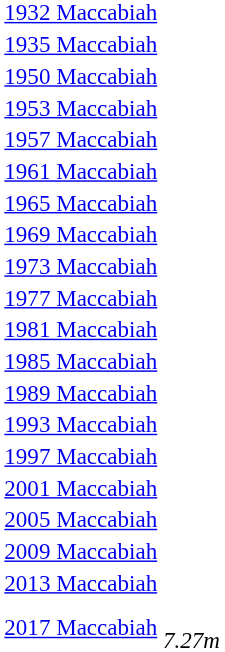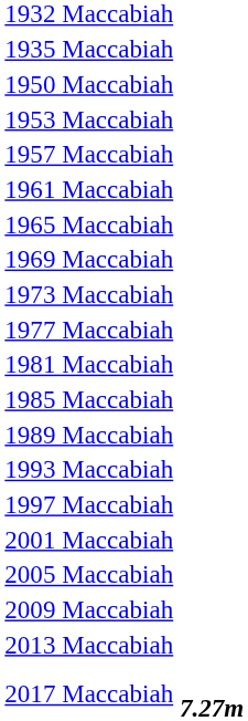 <table>
 <tr valign="top">
 <td><a href='#'>1932 Maccabiah</a></td>
 <td></td>
 <td></td>
 <td></td>
 </tr>
 <tr>
 <td><a href='#'>1935 Maccabiah</a></td>
 <td></td>
 <td></td>
 <td></td>
 </tr>
 <tr>
 <td><a href='#'>1950 Maccabiah</a></td>
 <td></td>
 <td></td>
 <td></td>
 </tr>
 <tr>
 <td><a href='#'>1953 Maccabiah</a></td>
 <td></td>
 <td></td>
 <td></td>
 </tr>
 <tr>
 <td><a href='#'>1957 Maccabiah</a></td>
 <td></td>
 <td></td>
 <td></td>
 </tr>
 <tr>
 <td><a href='#'>1961 Maccabiah</a></td>
 <td></td>
 <td></td>
 <td></td>
 </tr>
 <tr>
 <td><a href='#'>1965 Maccabiah</a></td>
 <td></td>
 <td></td>
 <td></td>
 </tr>
 <tr>
 <td><a href='#'>1969 Maccabiah</a></td>
 <td></td>
 <td></td>
 <td></td>
 </tr>
 <tr>
 <td><a href='#'>1973 Maccabiah</a></td>
 <td></td>
 <td></td>
 <td></td>
 </tr>
 <tr>
 <td><a href='#'>1977 Maccabiah</a></td>
 <td></td>
 <td></td>
 <td></td>
 </tr>
 <tr>
 <td><a href='#'>1981 Maccabiah</a></td>
 <td></td>
 <td></td>
 <td></td>
 </tr>
 <tr>
 <td><a href='#'>1985 Maccabiah</a></td>
 <td></td>
 <td></td>
 <td></td>
 </tr>
 <tr>
 <td><a href='#'>1989 Maccabiah</a></td>
 <td></td>
 <td></td>
 <td></td>
 </tr>
 <tr>
 <td><a href='#'>1993 Maccabiah</a></td>
 <td></td>
 <td></td>
 <td></td>
 </tr>
 <tr>
 <td><a href='#'>1997 Maccabiah</a></td>
 <td></td>
 <td></td>
 <td></td>
 </tr>
 <tr>
 <td><a href='#'>2001 Maccabiah</a></td>
 <td></td>
 <td></td>
 <td></td>
 </tr>
 <tr>
 <td><a href='#'>2005 Maccabiah</a></td>
 <td></td>
 <td></td>
 <td></td>
 </tr>
 <tr>
 <td><a href='#'>2009 Maccabiah</a></td>
 <td></td>
 <td></td>
 <td></td>
 </tr>
 <tr>
 <td><a href='#'>2013 Maccabiah</a></td>
 <td></td>
 <td></td>
 <td></td>
 </tr>
 <tr>
 <td><a href='#'>2017 Maccabiah</a></td>
-<td><br><em>7.27m</em></td>
+<td><strong><br><em>7.27m</em></strong></td>
 <td></td>
 <td></td>
 </tr>
 </table>
